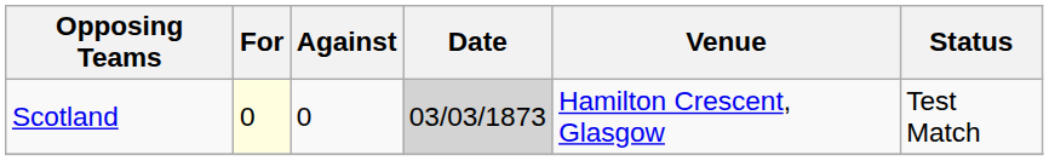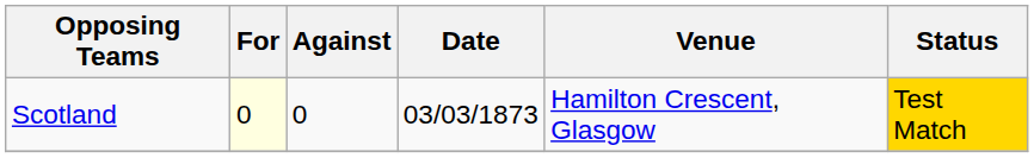 <table class="wikitable">
 <tr>
 <th>Opposing Teams</th>
 <th>For</th>
 <th>Against</th>
 <th>Date</th>
 <th>Venue</th>
 <th>Status</th>
 </tr>
 <tr>
 <td><a href='#'>Scotland</a></td>
 <td style="background: lightyellow;">0</td>
 <td>0</td>
-<td style="background: lightgrey;">03/03/1873</td>
+<td>03/03/1873</td>
 <td><a href='#'>Hamilton Crescent</a>, <a href='#'>Glasgow</a></td>
-<td>Test Match</td>
+<td style="background: gold;">Test Match</td>
 </tr>
 <tr>
 </tr>
 </table>
